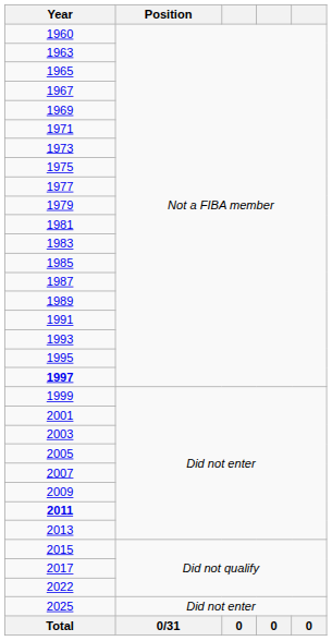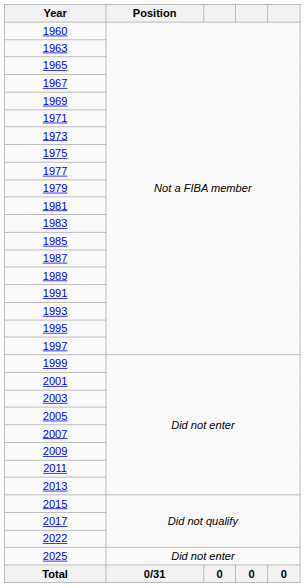 <table class="wikitable" style="text-align: center;font-size:90%;">
 <tr>
 <th width=125>Year</th>
 <th width=120>Position</th>
 <th width=35></th>
 <th width=35></th>
 <th width=35></th>
 </tr>
 <tr>
 <td> <a href='#'>1960</a></td>
 <td rowspan=19 colspan=4><em>Not a FIBA member</em></td>
 </tr>
 <tr>
 <td> <a href='#'>1963</a></td>
 </tr>
 <tr>
 <td> <a href='#'>1965</a></td>
 </tr>
 <tr>
 <td> <a href='#'>1967</a></td>
 </tr>
 <tr>
 <td> <a href='#'>1969</a></td>
 </tr>
 <tr>
 <td> <a href='#'>1971</a></td>
 </tr>
 <tr>
 <td> <a href='#'>1973</a></td>
 </tr>
 <tr>
 <td> <a href='#'>1975</a></td>
 </tr>
 <tr>
 <td> <a href='#'>1977</a></td>
 </tr>
 <tr>
 <td> <a href='#'>1979</a></td>
 </tr>
 <tr>
 <td> <a href='#'>1981</a></td>
 </tr>
 <tr>
 <td> <a href='#'>1983</a></td>
 </tr>
 <tr>
 <td> <a href='#'>1985</a></td>
 </tr>
 <tr>
 <td> <a href='#'>1987</a></td>
 </tr>
 <tr>
 <td> <a href='#'>1989</a></td>
 </tr>
 <tr>
 <td> <a href='#'>1991</a></td>
 </tr>
 <tr>
 <td> <a href='#'>1993</a></td>
 </tr>
 <tr>
 <td> <a href='#'>1995</a></td>
 </tr>
 <tr>
-<td><strong> <a href='#'>1997</a></strong></td>
+<td> <a href='#'>1997</a></td>
 </tr>
 <tr>
 <td> <a href='#'>1999</a></td>
 <td rowspan=8 colspan=4><em>Did not enter</em></td>
 </tr>
 <tr>
 <td> <a href='#'>2001</a></td>
 </tr>
 <tr>
 <td> <a href='#'>2003</a></td>
 </tr>
 <tr>
 <td> <a href='#'>2005</a></td>
 </tr>
 <tr>
 <td> <a href='#'>2007</a></td>
 </tr>
 <tr>
 <td> <a href='#'>2009</a></td>
 </tr>
 <tr>
-<td><strong> <a href='#'>2011</a></strong></td>
+<td> <a href='#'>2011</a></td>
 </tr>
 <tr>
 <td> <a href='#'>2013</a></td>
 </tr>
 <tr>
 <td> <a href='#'>2015</a></td>
 <td rowspan=3 colspan=4><em>Did not qualify</em></td>
 </tr>
 <tr>
 <td> <a href='#'>2017</a></td>
 </tr>
 <tr>
 <td> <a href='#'>2022</a></td>
 </tr>
 <tr>
 <td> <a href='#'>2025</a></td>
 <td colspan=4><em>Did not enter</em></td>
 </tr>
 <tr>
 <th>Total</th>
 <th>0/31</th>
 <th>0</th>
 <th>0</th>
 <th>0</th>
 </tr>
 </table>
